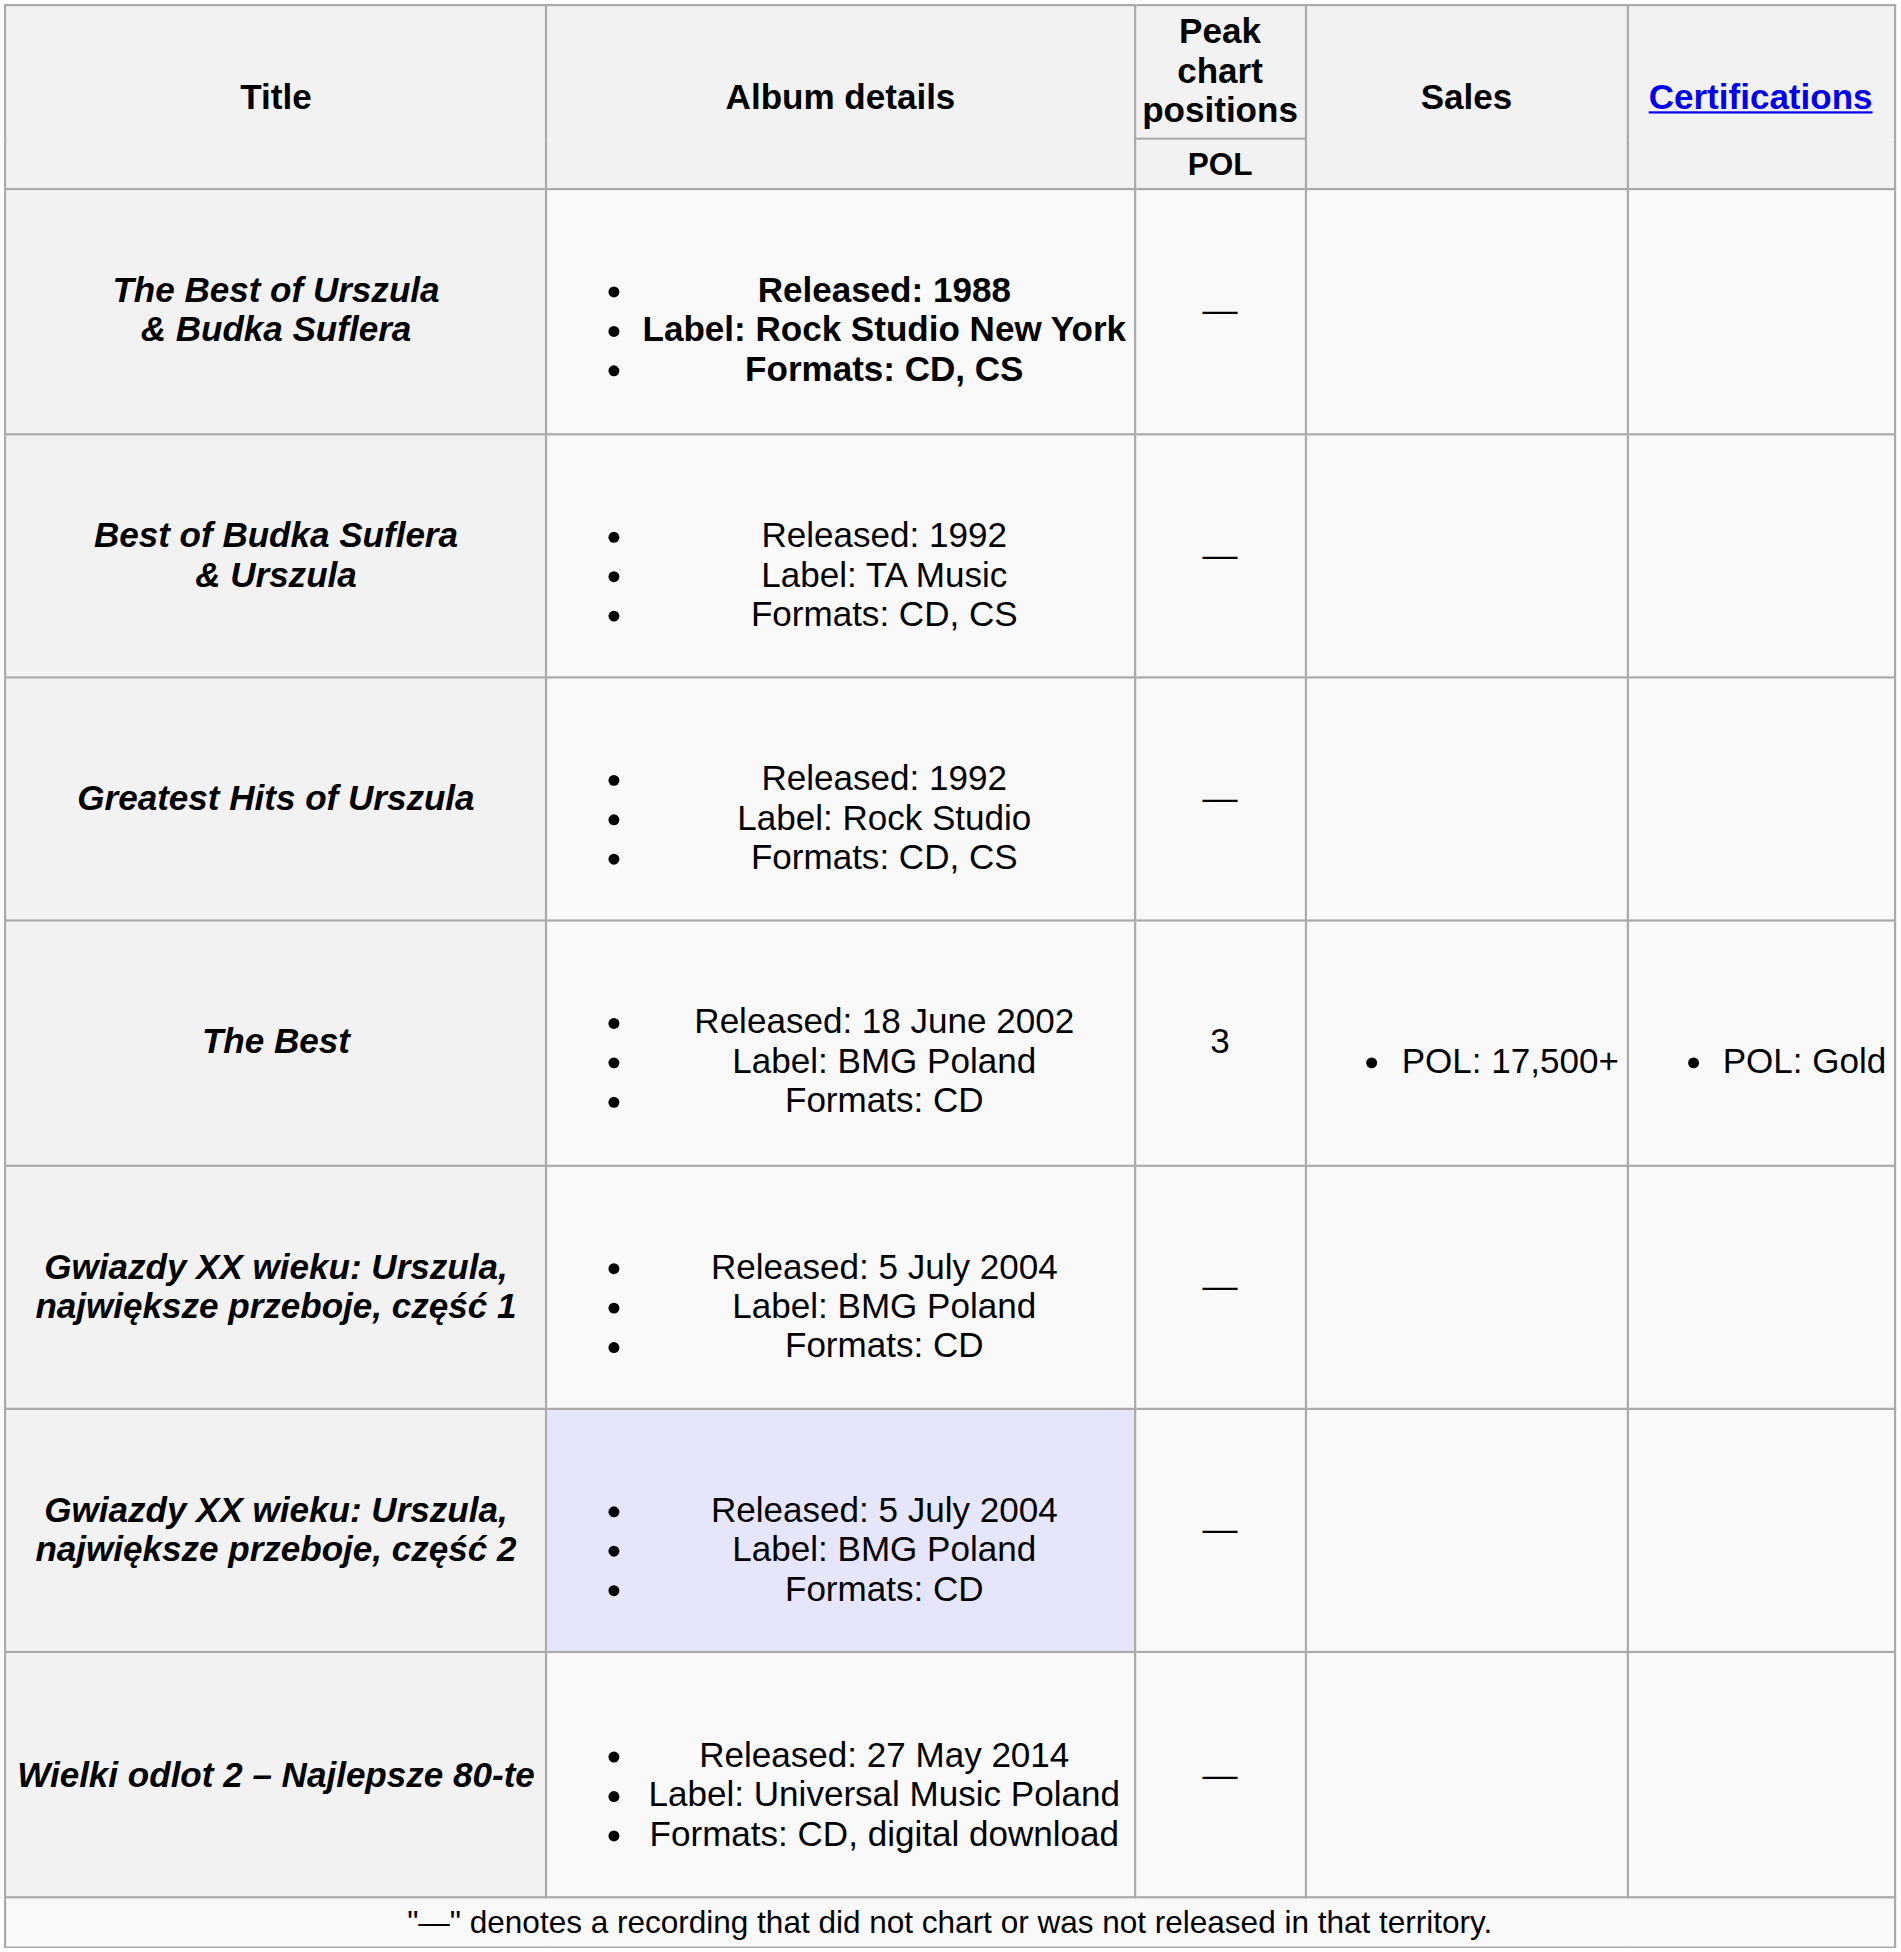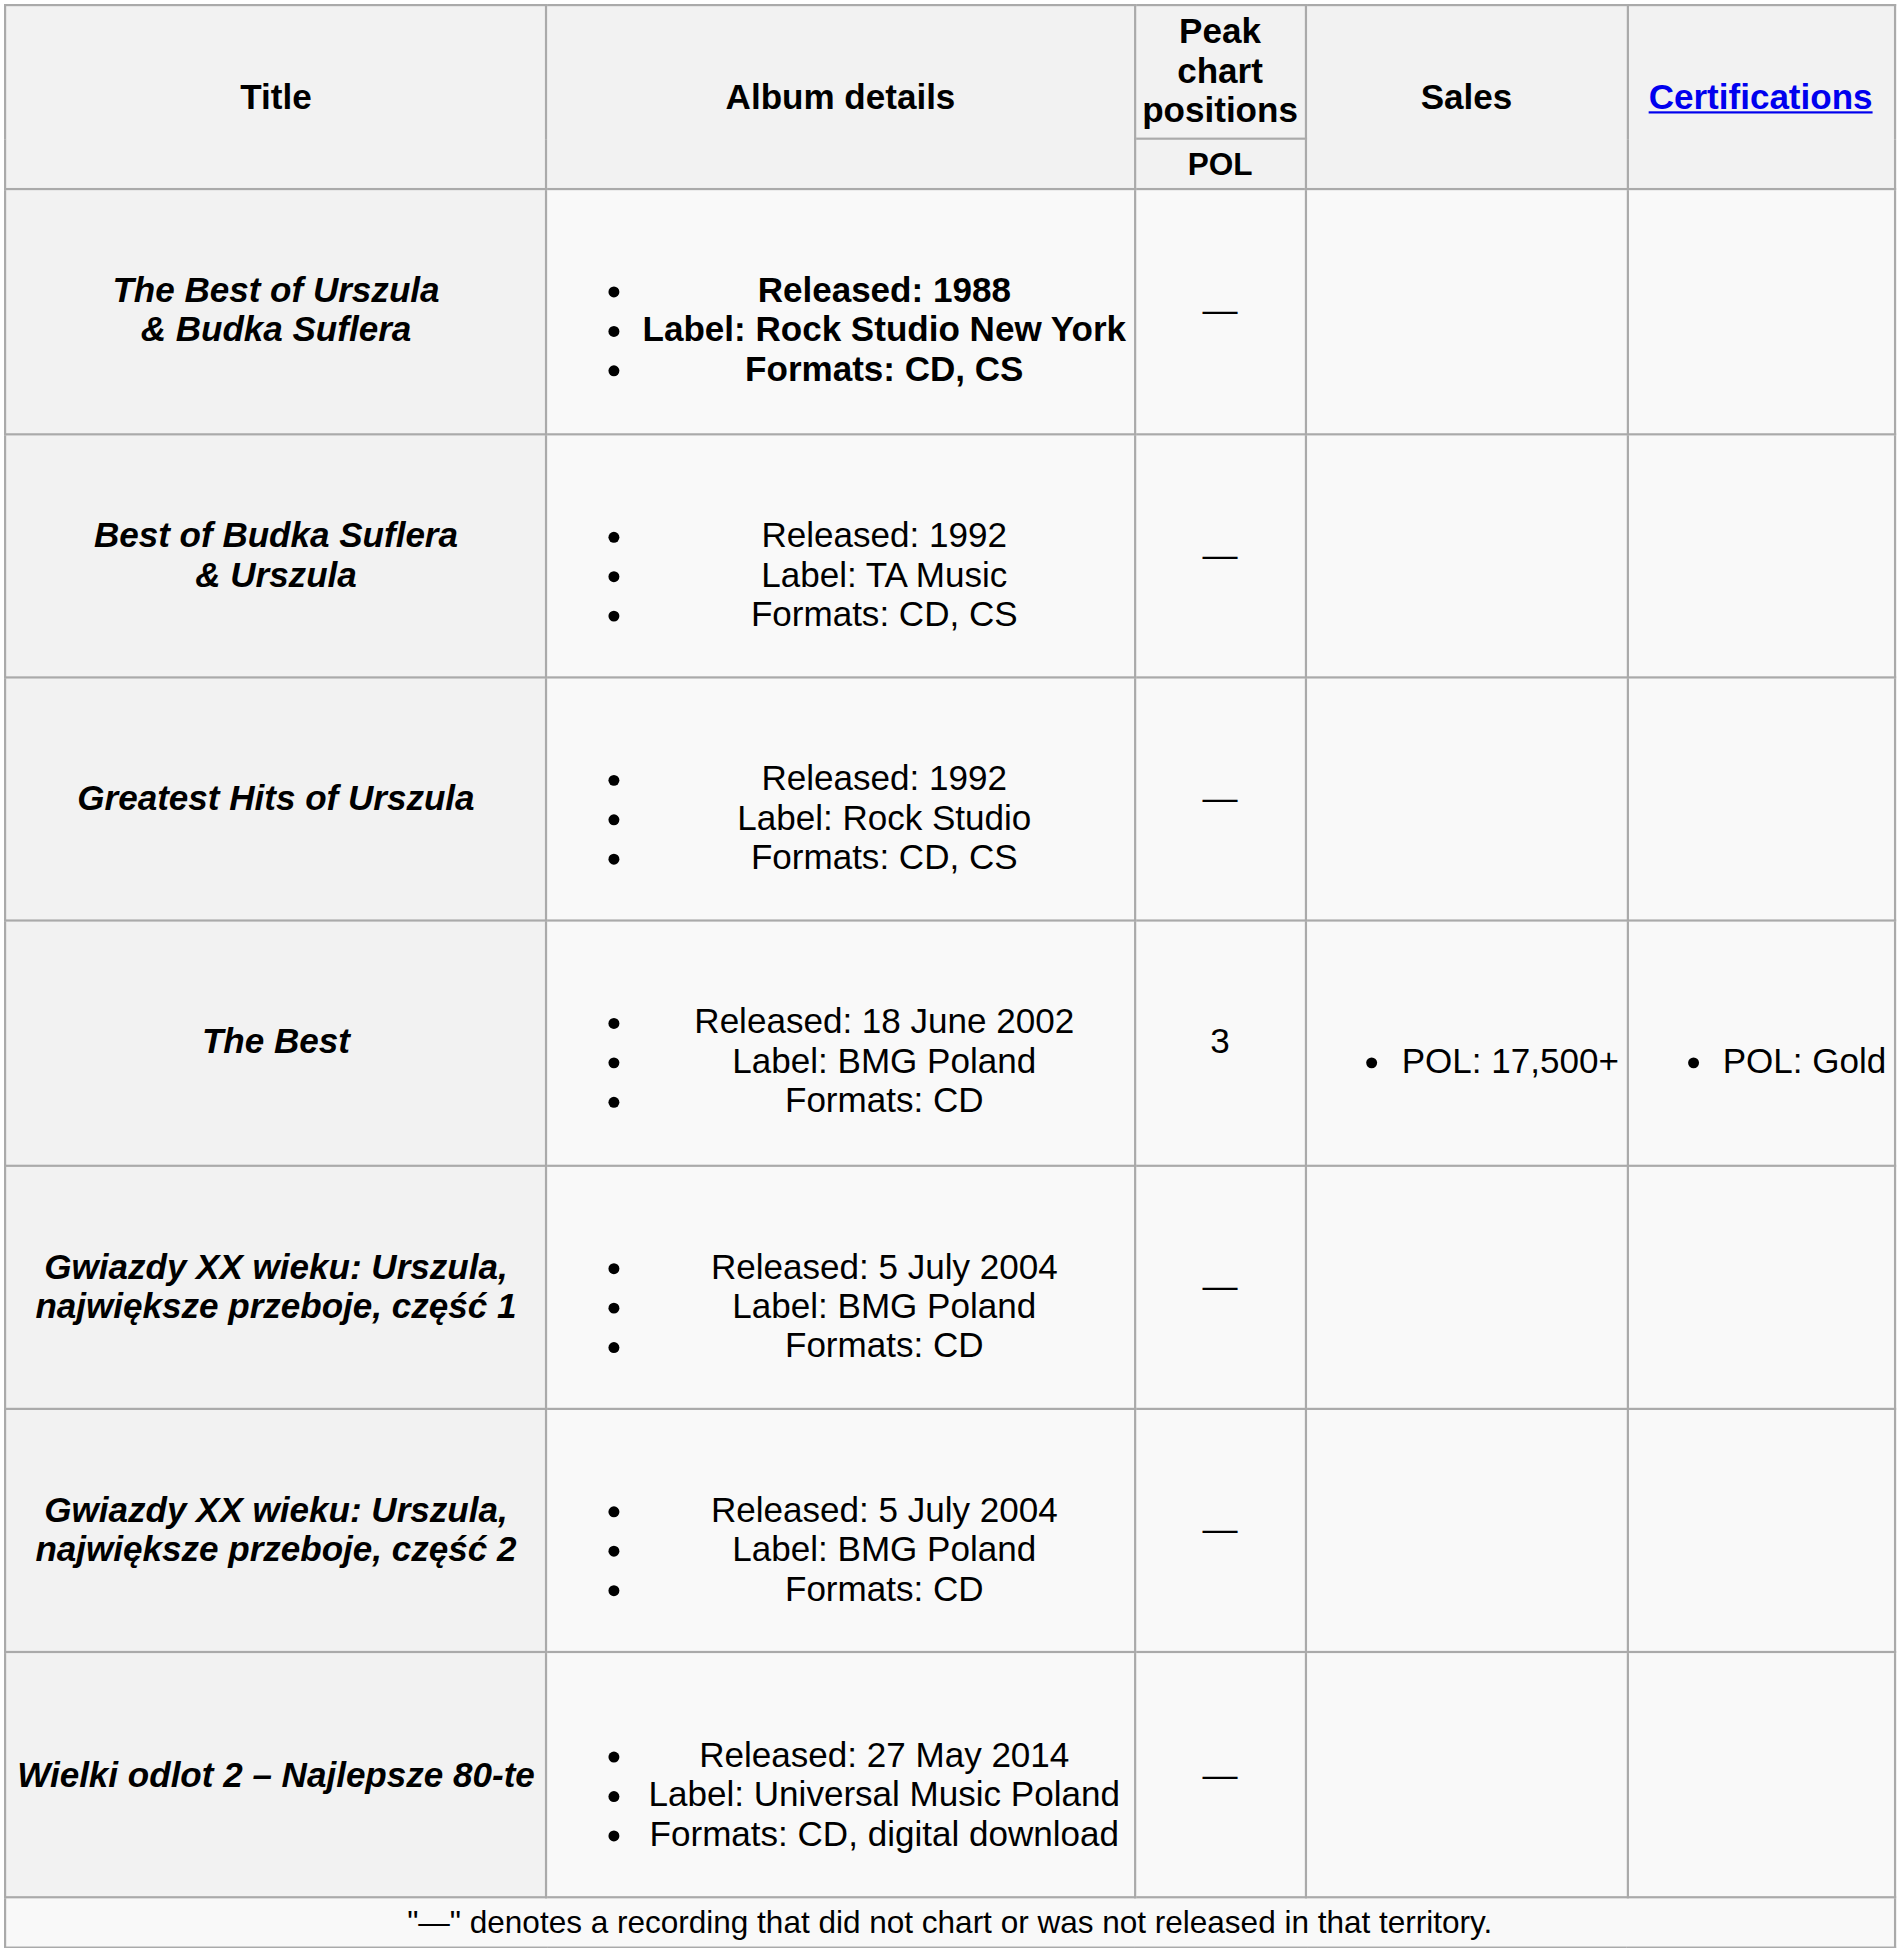 <table class="wikitable plainrowheaders" style="text-align:center;">
 <tr>
 <th scope="col" rowspan="2" style="width:15em;">Title</th>
 <th scope="col" rowspan="2">Album details</th>
 <th scope="col">Peak chart positions</th>
 <th scope="col" rowspan="2">Sales</th>
 <th scope="col" rowspan="2"><a href='#'>Certifications</a></th>
 </tr>
 <tr>
 <th scope="col" style="width:3em;font-size:90%;">POL<br></th>
 </tr>
 <tr>
 <th scope="row"><em>The Best of Urszula<br>& Budka Suflera</em></th>
 <td><strong><br><ul><li>Released: 1988</li><li>Label: Rock Studio New York</li><li>Formats: CD, CS</li></ul></strong></td>
 <td>—</td>
 <td></td>
 <td></td>
 </tr>
 <tr>
 <th scope="row"><em>Best of Budka Suflera<br>& Urszula</em></th>
 <td><br><ul><li>Released: 1992</li><li>Label: TA Music</li><li>Formats: CD, CS</li></ul></td>
 <td>—</td>
 <td></td>
 <td></td>
 </tr>
 <tr>
 <th scope="row"><em>Greatest Hits of Urszula</em></th>
 <td><br><ul><li>Released: 1992</li><li>Label: Rock Studio</li><li>Formats: CD, CS</li></ul></td>
 <td>—</td>
 <td></td>
 <td></td>
 </tr>
 <tr>
 <th scope="row"><em>The Best</em></th>
 <td><br><ul><li>Released: 18 June 2002</li><li>Label: BMG Poland</li><li>Formats: CD</li></ul></td>
 <td>3</td>
 <td><br><ul><li>POL: 17,500+</li></ul></td>
 <td><br><ul><li>POL: Gold</li></ul></td>
 </tr>
 <tr>
 <th scope="row"><em>Gwiazdy XX wieku: Urszula,<br>największe przeboje, część 1</em></th>
 <td><br><ul><li>Released: 5 July 2004</li><li>Label: BMG Poland</li><li>Formats: CD</li></ul></td>
 <td>—</td>
 <td></td>
 <td></td>
 </tr>
 <tr>
 <th scope="row"><em>Gwiazdy XX wieku: Urszula,<br>największe przeboje, część 2</em></th>
-<td style="background: lavender;"><br><ul><li>Released: 5 July 2004</li><li>Label: BMG Poland</li><li>Formats: CD</li></ul></td>
+<td><br><ul><li>Released: 5 July 2004</li><li>Label: BMG Poland</li><li>Formats: CD</li></ul></td>
 <td>—</td>
 <td></td>
 <td></td>
 </tr>
 <tr>
 <th scope="row"><em>Wielki odlot 2 – Najlepsze 80-te</em></th>
 <td><br><ul><li>Released: 27 May 2014</li><li>Label: Universal Music Poland</li><li>Formats: CD, digital download</li></ul></td>
 <td>—</td>
 <td></td>
 <td></td>
 </tr>
 <tr>
 <td colspan="20" style="font-size:90%">"—" denotes a recording that did not chart or was not released in that territory.</td>
 </tr>
 </table>
